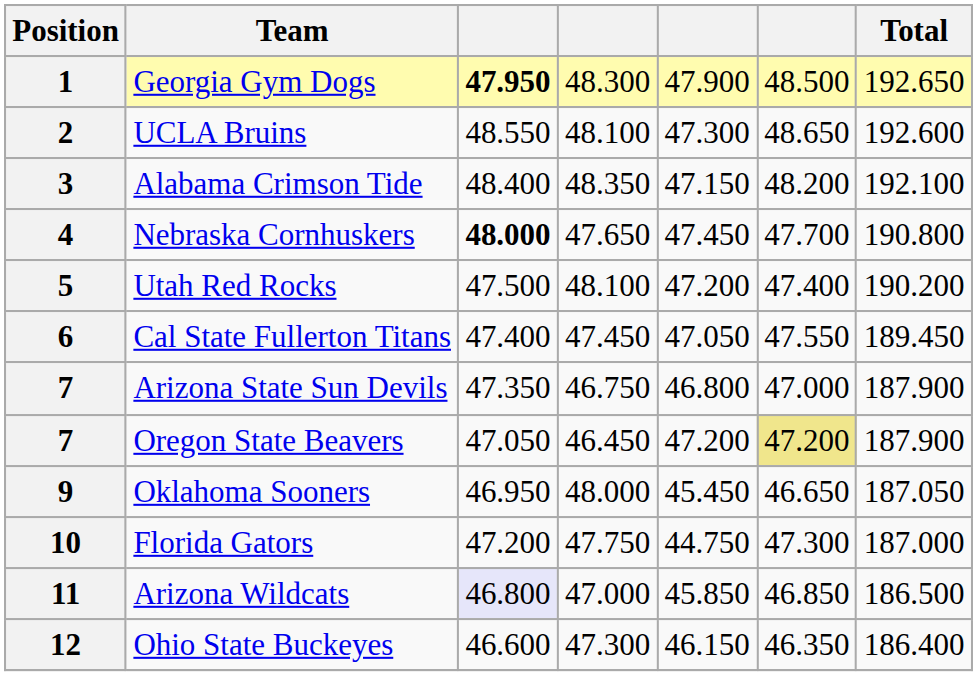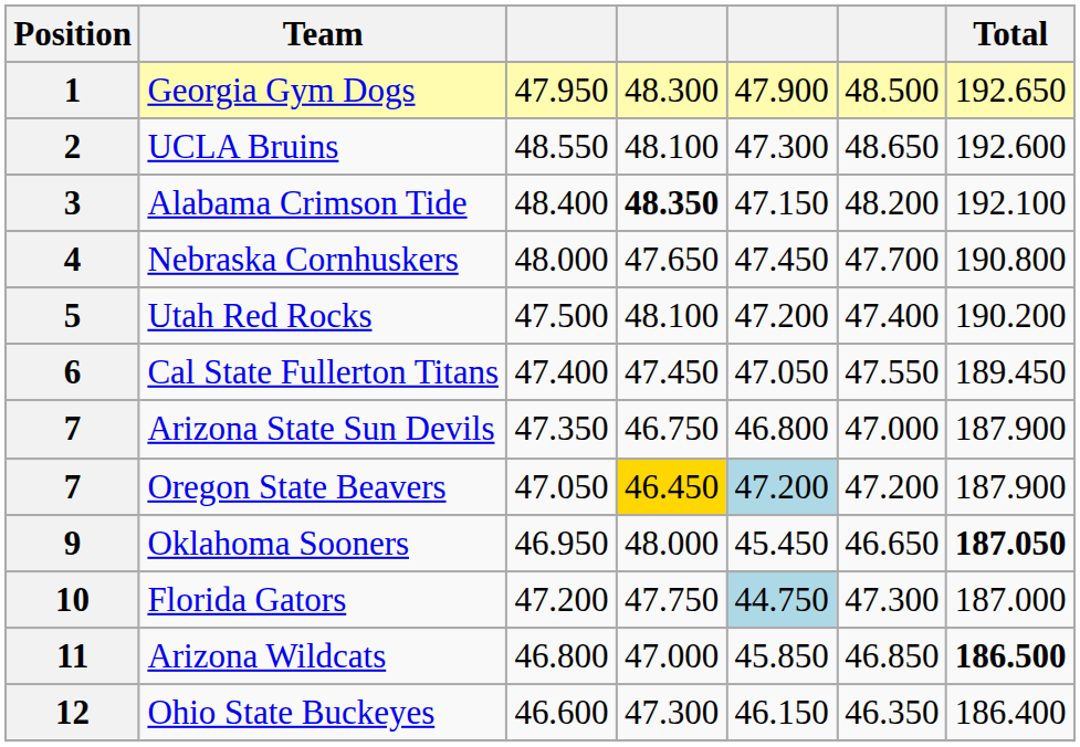 <table class="wikitable sortable" style="text-align:center; font-size:95%">
 <tr>
 <th scope=col>Position</th>
 <th scope=col>Team</th>
 <th scope=col></th>
 <th scope=col></th>
 <th scope=col></th>
 <th scope=col></th>
 <th scope=col>Total</th>
 </tr>
 <tr bgcolor=fffcaf>
 <th scope=row>1</th>
 <td align=left><a href='#'>Georgia Gym Dogs</a></td>
-<td><strong>47.950</strong></td>
+<td>47.950</td>
 <td>48.300</td>
 <td>47.900</td>
 <td>48.500</td>
 <td>192.650</td>
 </tr>
 <tr>
 <th scope=row>2</th>
 <td align=left><a href='#'>UCLA Bruins</a></td>
 <td>48.550</td>
 <td>48.100</td>
 <td>47.300</td>
 <td>48.650</td>
 <td>192.600</td>
 </tr>
 <tr>
 <th scope=row>3</th>
 <td align=left><a href='#'>Alabama Crimson Tide</a></td>
 <td>48.400</td>
-<td>48.350</td>
+<td><strong>48.350</strong></td>
 <td>47.150</td>
 <td>48.200</td>
 <td>192.100</td>
 </tr>
 <tr>
 <th scope=row>4</th>
 <td align=left><a href='#'>Nebraska Cornhuskers</a></td>
-<td><strong>48.000</strong></td>
+<td>48.000</td>
 <td>47.650</td>
 <td>47.450</td>
 <td>47.700</td>
 <td>190.800</td>
 </tr>
 <tr>
 <th scope=row>5</th>
 <td align=left><a href='#'>Utah Red Rocks</a></td>
 <td>47.500</td>
 <td>48.100</td>
 <td>47.200</td>
 <td>47.400</td>
 <td>190.200</td>
 </tr>
 <tr>
 <th scope=row>6</th>
 <td align=left><a href='#'>Cal State Fullerton Titans</a></td>
 <td>47.400</td>
 <td>47.450</td>
 <td>47.050</td>
 <td>47.550</td>
 <td>189.450</td>
 </tr>
 <tr>
 <th scope=row>7</th>
 <td align=left><a href='#'>Arizona State Sun Devils</a></td>
 <td>47.350</td>
 <td>46.750</td>
 <td>46.800</td>
 <td>47.000</td>
 <td>187.900</td>
 </tr>
 <tr>
 <th scope=row>7</th>
 <td align=left><a href='#'>Oregon State Beavers</a></td>
 <td>47.050</td>
-<td>46.450</td>
+<td style="background: gold;">46.450</td>
+<td style="background: lightblue;">47.200</td>
 <td>47.200</td>
-<td style="background: khaki;">47.200</td>
 <td>187.900</td>
 </tr>
 <tr>
 <th scope=row>9</th>
 <td align=left><a href='#'>Oklahoma Sooners</a></td>
 <td>46.950</td>
 <td>48.000</td>
 <td>45.450</td>
 <td>46.650</td>
-<td>187.050</td>
+<td><strong>187.050</strong></td>
 </tr>
 <tr>
 <th scope=row>10</th>
 <td align=left><a href='#'>Florida Gators</a></td>
 <td>47.200</td>
 <td>47.750</td>
-<td>44.750</td>
+<td style="background: lightblue;">44.750</td>
 <td>47.300</td>
 <td>187.000</td>
 </tr>
 <tr>
 <th scope=row>11</th>
 <td align=left><a href='#'>Arizona Wildcats</a></td>
-<td style="background: lavender;">46.800</td>
+<td>46.800</td>
 <td>47.000</td>
 <td>45.850</td>
 <td>46.850</td>
-<td>186.500</td>
+<td><strong>186.500</strong></td>
 </tr>
 <tr>
 <th scope=row>12</th>
 <td align=left><a href='#'>Ohio State Buckeyes</a></td>
 <td>46.600</td>
 <td>47.300</td>
 <td>46.150</td>
 <td>46.350</td>
 <td>186.400</td>
 </tr>
 <tr>
 </tr>
 </table>
